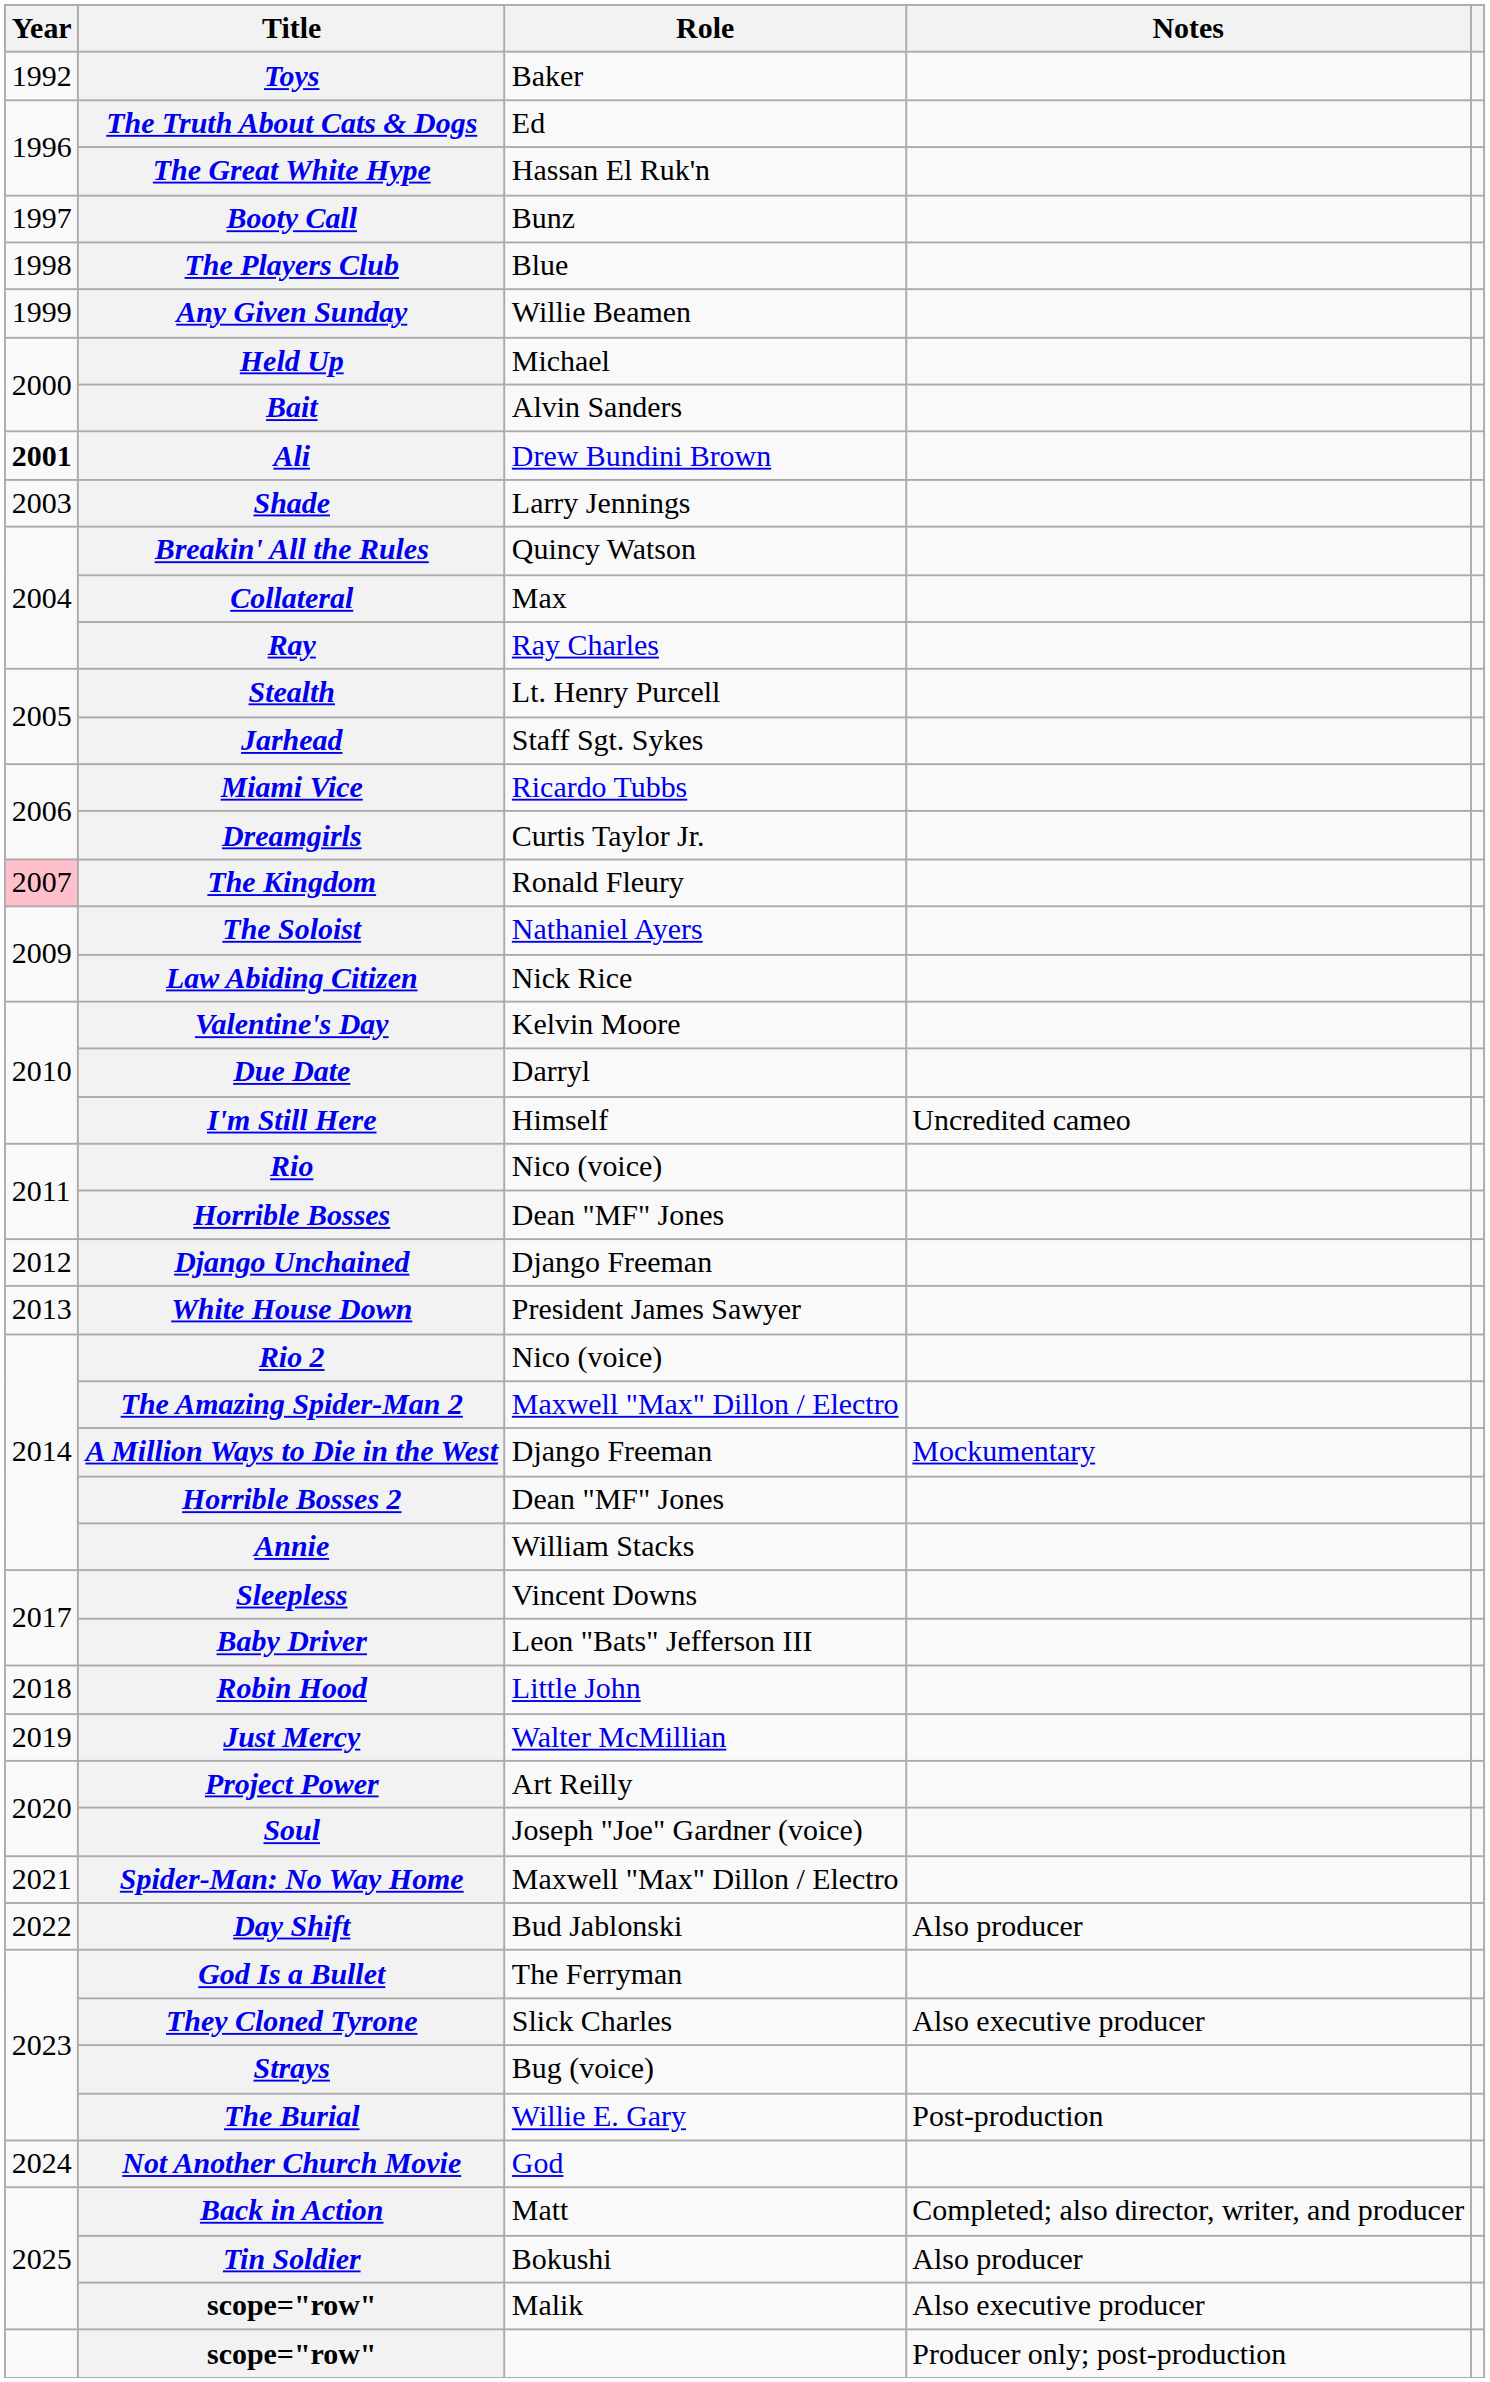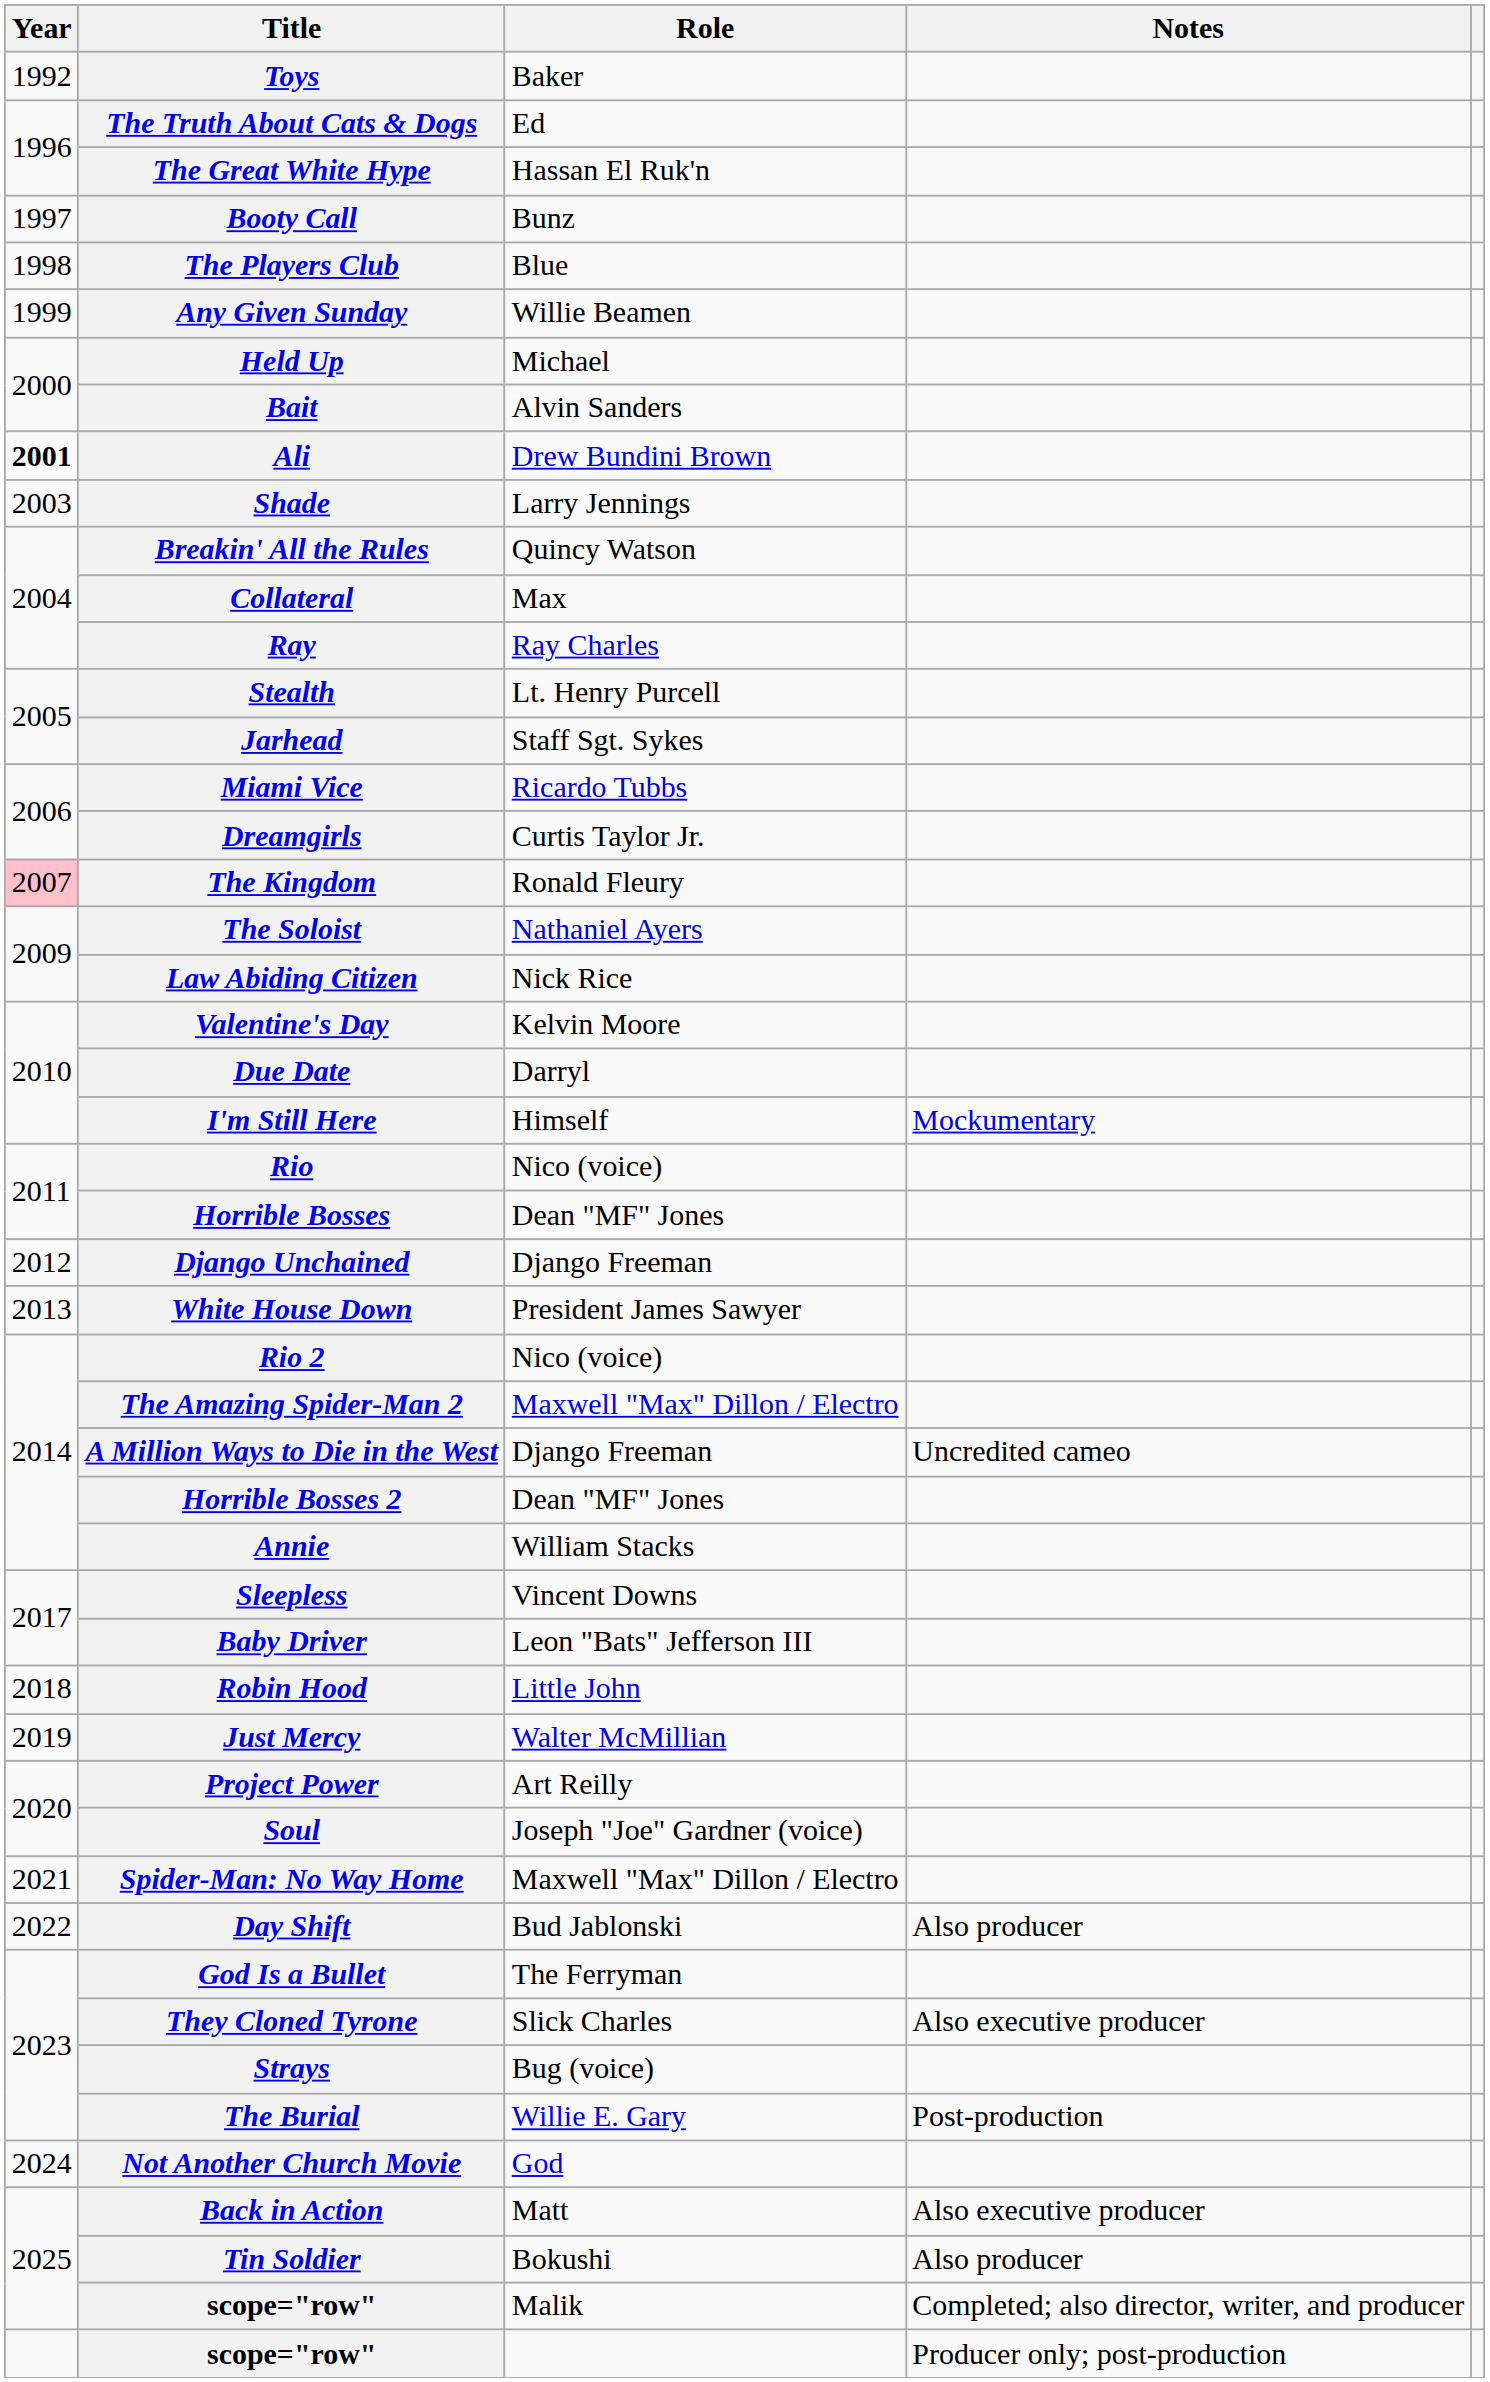 <table class="wikitable plainrowheaders sortable">
 <tr>
 <th>Year</th>
 <th>Title</th>
 <th>Role</th>
 <th class="unsortable">Notes</th>
 <th class="unsortable"></th>
 </tr>
 <tr>
 <td>1992</td>
 <th scope="row"><em><a href='#'>Toys</a></em></th>
 <td>Baker</td>
 <td></td>
 <td style="text-align: center;"></td>
 </tr>
 <tr>
 <td rowspan="2">1996</td>
 <th scope="row"><em><a href='#'>The Truth About Cats & Dogs</a></em></th>
 <td>Ed</td>
 <td></td>
 <td style="text-align: center;"></td>
 </tr>
 <tr>
 <th scope="row"><em><a href='#'>The Great White Hype</a></em></th>
 <td>Hassan El Ruk'n</td>
 <td></td>
 <td style="text-align: center;"></td>
 </tr>
 <tr>
 <td>1997</td>
 <th scope="row"><em><a href='#'>Booty Call</a></em></th>
 <td>Bunz</td>
 <td></td>
 <td style="text-align: center;"></td>
 </tr>
 <tr>
 <td>1998</td>
 <th scope="row"><em><a href='#'>The Players Club</a></em></th>
 <td>Blue</td>
 <td></td>
 <td style="text-align: center;"></td>
 </tr>
 <tr>
 <td>1999</td>
 <th scope="row"><em><a href='#'>Any Given Sunday</a></em></th>
 <td>Willie Beamen</td>
 <td></td>
 <td style="text-align: center;"></td>
 </tr>
 <tr>
 <td rowspan="2">2000</td>
 <th scope="row"><em><a href='#'>Held Up</a></em></th>
 <td>Michael</td>
 <td></td>
 <td style="text-align: center;"></td>
 </tr>
 <tr>
 <th scope="row"><em><a href='#'>Bait</a></em></th>
 <td>Alvin Sanders</td>
 <td></td>
 <td style="text-align: center;"></td>
 </tr>
 <tr>
 <td><strong>2001</strong></td>
 <th scope="row"><em><a href='#'>Ali</a></em></th>
 <td><a href='#'>Drew Bundini Brown</a></td>
 <td></td>
 <td style="text-align: center;"></td>
 </tr>
 <tr>
 <td>2003</td>
 <th scope="row"><em><a href='#'>Shade</a></em></th>
 <td>Larry Jennings</td>
 <td></td>
 <td style="text-align: center;"></td>
 </tr>
 <tr>
 <td rowspan="3">2004</td>
 <th scope="row"><em><a href='#'>Breakin' All the Rules</a></em></th>
 <td>Quincy Watson</td>
 <td></td>
 <td style="text-align: center;"></td>
 </tr>
 <tr>
 <th scope="row"><em><a href='#'>Collateral</a></em></th>
 <td>Max</td>
 <td></td>
 <td style="text-align: center;"></td>
 </tr>
 <tr>
 <th scope="row"><em><a href='#'>Ray</a></em></th>
 <td><a href='#'>Ray Charles</a></td>
 <td></td>
 <td style="text-align: center;"></td>
 </tr>
 <tr>
 <td rowspan="2">2005</td>
 <th scope="row"><em><a href='#'>Stealth</a></em></th>
 <td>Lt. Henry Purcell</td>
 <td></td>
 <td style="text-align: center;"></td>
 </tr>
 <tr>
 <th scope="row"><em><a href='#'>Jarhead</a></em></th>
 <td>Staff Sgt. Sykes</td>
 <td></td>
 <td style="text-align: center;"></td>
 </tr>
 <tr>
 <td rowspan="2">2006</td>
 <th scope="row"><em><a href='#'>Miami Vice</a></em></th>
 <td><a href='#'>Ricardo Tubbs</a></td>
 <td></td>
 <td style="text-align: center;"></td>
 </tr>
 <tr>
 <th scope="row"><em><a href='#'>Dreamgirls</a></em></th>
 <td>Curtis Taylor Jr.</td>
 <td></td>
 <td style="text-align: center;"></td>
 </tr>
 <tr>
 <td rowspan="1" style="background: pink;">2007</td>
 <th scope="row"><em><a href='#'>The Kingdom</a></em></th>
 <td>Ronald Fleury</td>
 <td></td>
 <td style="text-align: center;"></td>
 </tr>
 <tr>
 <td rowspan="2">2009</td>
 <th scope="row"><em><a href='#'>The Soloist</a></em></th>
 <td><a href='#'>Nathaniel Ayers</a></td>
 <td></td>
 <td style="text-align: center;"></td>
 </tr>
 <tr>
 <th scope="row"><em><a href='#'>Law Abiding Citizen</a></em></th>
 <td>Nick Rice</td>
 <td></td>
 <td style="text-align: center;"></td>
 </tr>
 <tr>
 <td rowspan="3">2010</td>
 <th scope="row"><em><a href='#'>Valentine's Day</a></em></th>
 <td>Kelvin Moore</td>
 <td></td>
 <td style="text-align: center;"></td>
 </tr>
 <tr>
 <th scope="row"><em><a href='#'>Due Date</a></em></th>
 <td>Darryl</td>
 <td></td>
 <td style="text-align: center;"></td>
 </tr>
 <tr>
 <th scope="row"><em><a href='#'>I'm Still Here</a></em></th>
 <td>Himself</td>
-<td>Uncredited cameo</td>
+<td><a href='#'>Mockumentary</a></td>
 <td style="text-align: center;"></td>
 </tr>
 <tr>
 <td rowspan="2">2011</td>
 <th scope="row"><em><a href='#'>Rio</a></em></th>
 <td>Nico (voice)</td>
 <td></td>
 <td style="text-align: center;"></td>
 </tr>
 <tr>
 <th scope="row"><em><a href='#'>Horrible Bosses</a></em></th>
 <td>Dean "MF" Jones</td>
 <td></td>
 <td style="text-align: center;"></td>
 </tr>
 <tr>
 <td>2012</td>
 <th scope="row"><em><a href='#'>Django Unchained</a></em></th>
 <td>Django Freeman</td>
 <td></td>
 <td style="text-align: center;"></td>
 </tr>
 <tr>
 <td>2013</td>
 <th scope="row"><em><a href='#'>White House Down</a></em></th>
 <td>President James Sawyer</td>
 <td></td>
 <td style="text-align: center;"></td>
 </tr>
 <tr>
 <td rowspan="5">2014</td>
 <th scope="row"><em><a href='#'>Rio 2</a></em></th>
 <td>Nico (voice)</td>
 <td></td>
 <td style="text-align: center;"></td>
 </tr>
 <tr>
 <th scope="row"><em><a href='#'>The Amazing Spider-Man 2</a></em></th>
 <td><a href='#'>Maxwell "Max" Dillon / Electro</a></td>
 <td></td>
 <td style="text-align: center;"></td>
 </tr>
 <tr>
 <th scope="row"><em><a href='#'>A Million Ways to Die in the West</a></em></th>
 <td>Django Freeman</td>
-<td><a href='#'>Mockumentary</a></td>
+<td>Uncredited cameo</td>
 <td style="text-align: center;"></td>
 </tr>
 <tr>
 <th scope="row"><em><a href='#'>Horrible Bosses 2</a></em></th>
 <td>Dean "MF" Jones</td>
 <td></td>
 <td style="text-align: center;"></td>
 </tr>
 <tr>
 <th scope="row"><em><a href='#'>Annie</a></em></th>
 <td>William Stacks</td>
 <td></td>
 <td style="text-align: center;"></td>
 </tr>
 <tr>
 <td rowspan="2">2017</td>
 <th scope="row"><em><a href='#'>Sleepless</a></em></th>
 <td>Vincent Downs</td>
 <td></td>
 <td style="text-align: center;"></td>
 </tr>
 <tr>
 <th scope="row"><em><a href='#'>Baby Driver</a></em></th>
 <td>Leon "Bats" Jefferson III</td>
 <td></td>
 <td style="text-align: center;"></td>
 </tr>
 <tr>
 <td>2018</td>
 <th scope="row"><em><a href='#'>Robin Hood</a></em></th>
 <td><a href='#'>Little John</a></td>
 <td></td>
 <td style="text-align: center;"></td>
 </tr>
 <tr>
 <td>2019</td>
 <th scope="row"><em><a href='#'>Just Mercy</a></em></th>
 <td><a href='#'>Walter McMillian</a></td>
 <td></td>
 <td style="text-align: center;"></td>
 </tr>
 <tr>
 <td rowspan="2">2020</td>
 <th scope="row"><em><a href='#'>Project Power</a></em></th>
 <td>Art Reilly</td>
 <td></td>
 <td style="text-align: center;"></td>
 </tr>
 <tr>
 <th scope="row"><em><a href='#'>Soul</a></em></th>
 <td>Joseph "Joe" Gardner (voice)</td>
 <td></td>
 <td style="text-align: center;"></td>
 </tr>
 <tr>
 <td>2021</td>
 <th scope="row"><em><a href='#'>Spider-Man: No Way Home</a></em></th>
 <td>Maxwell "Max" Dillon / Electro</td>
 <td></td>
 <td style="text-align: center;"></td>
 </tr>
 <tr>
 <td>2022</td>
 <th scope="row"><em><a href='#'>Day Shift</a></em></th>
 <td>Bud Jablonski</td>
 <td>Also producer</td>
 <td style="text-align: center;"></td>
 </tr>
 <tr>
 <td rowspan="4">2023</td>
 <th scope="row"><em><a href='#'>God Is a Bullet</a></em></th>
 <td>The Ferryman</td>
 <td></td>
 <td style="text-align: center;"></td>
 </tr>
 <tr>
 <th scope="row"><em><a href='#'>They Cloned Tyrone</a></em></th>
 <td>Slick Charles</td>
 <td>Also executive producer</td>
 <td style="text-align: center;"></td>
 </tr>
 <tr>
 <th scope="row"><em><a href='#'>Strays</a></em></th>
 <td>Bug (voice)</td>
 <td></td>
 <td style="text-align: center;"></td>
 </tr>
 <tr>
 <th scope="row"><em><a href='#'>The Burial</a></em></th>
 <td><a href='#'>Willie E. Gary</a></td>
 <td>Post-production</td>
 <td style="text-align: center;"></td>
 </tr>
 <tr>
 <td>2024</td>
 <th scope="row"><em><a href='#'>Not Another Church Movie</a></em></th>
 <td><a href='#'>God</a></td>
 <td></td>
 <td style="text-align: center;"></td>
 </tr>
 <tr>
 <td rowspan="3">2025</td>
 <th scope="row"><em><a href='#'>Back in Action</a></em></th>
 <td>Matt</td>
-<td>Completed; also director, writer, and producer</td>
+<td>Also executive producer</td>
 <td style="text-align: center;"></td>
 </tr>
 <tr>
 <th scope="row"><em><a href='#'>Tin Soldier</a></em></th>
 <td>Bokushi</td>
 <td>Also producer</td>
 <td style="text-align: center;"></td>
 </tr>
 <tr>
 <th>scope="row" </th>
 <td>Malik</td>
-<td>Also executive producer</td>
+<td>Completed; also director, writer, and producer</td>
 <td style="text-align: center;"></td>
 </tr>
 <tr>
 <td></td>
 <th>scope="row" </th>
 <td></td>
 <td>Producer only; post-production</td>
 <td style="text-align: center;"></td>
 </tr>
 </table>
